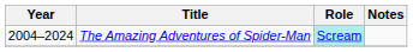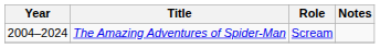 <table class="wikitable sortable plainrowheaders" style="white-space:nowrap">
 <tr>
 <th>Year</th>
 <th>Title</th>
 <th>Role</th>
 <th>Notes</th>
 </tr>
 <tr>
 <td>2004–2024</td>
 <td><em><a href='#'>The Amazing Adventures of Spider-Man</a></em></td>
-<td style="background: paleturquoise;"><a href='#'>Scream</a></td>
+<td><a href='#'>Scream</a></td>
 <td></td>
 </tr>
 <tr>
 </tr>
 </table>
